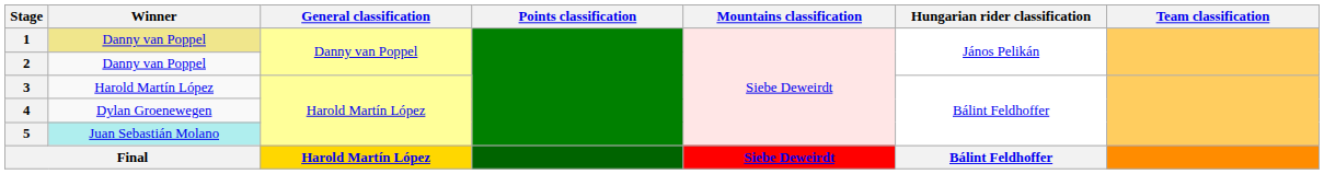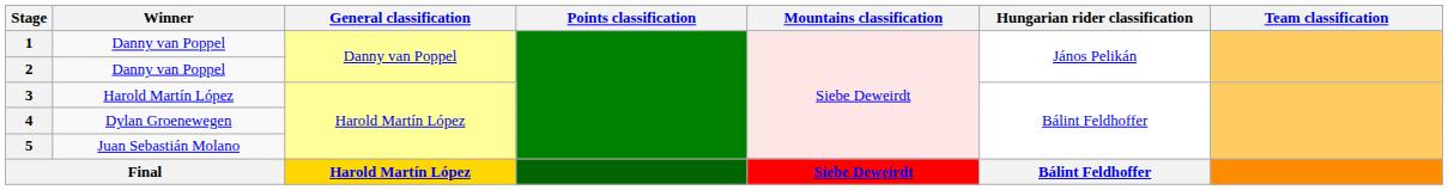 <table class="wikitable" style="text-align: center; font-size:smaller;">
 <tr style="background:#efefef;">
 <th style="width:2%;">Stage</th>
 <th style="width:14%;">Winner</th>
 <th style="width:14%;"><a href='#'>General classification</a><br></th>
 <th style="width:14%;"><a href='#'>Points classification</a><br></th>
 <th style="width:14%;"><a href='#'>Mountains classification</a><br></th>
 <th style="width:14%;">Hungarian rider classification<br></th>
 <th style="width:14%;"><a href='#'>Team classification</a></th>
 </tr>
 <tr>
 <th>1</th>
-<td style="background: khaki;"><a href='#'>Danny van Poppel</a></td>
+<td><a href='#'>Danny van Poppel</a></td>
 <td style="background:#FFFF99;" rowspan="2"><a href='#'>Danny van Poppel</a></td>
 <td style="background:#008000;" rowspan="5"></td>
 <td style="background:#FFE6E6;" rowspan="5"><a href='#'>Siebe Deweirdt</a></td>
 <td style="background:white;" rowspan="2"><a href='#'>János Pelikán</a></td>
 <td style="background:#FFCD5F;" rowspan="2"></td>
 </tr>
 <tr>
 <th>2</th>
 <td><a href='#'>Danny van Poppel</a></td>
 </tr>
 <tr>
 <th>3</th>
 <td><a href='#'>Harold Martín López</a></td>
 <td style="background:#FFFF99;" rowspan="3"><a href='#'>Harold Martín López</a></td>
 <td style="background:white;" rowspan="3"><a href='#'>Bálint Feldhoffer</a></td>
 <td style="background:#FFCD5F;" rowspan="3"></td>
 </tr>
 <tr>
 <th>4</th>
 <td><a href='#'>Dylan Groenewegen</a></td>
 </tr>
 <tr>
 <th>5</th>
-<td style="background: paleturquoise;"><a href='#'>Juan Sebastián Molano</a></td>
+<td><a href='#'>Juan Sebastián Molano</a></td>
 </tr>
 <tr>
 <th colspan="2">Final</th>
 <th style="background:gold;"><a href='#'>Harold Martín López</a></th>
 <th style="background:#006400;"></th>
 <th style="background:#f00;"><a href='#'>Siebe Deweirdt</a></th>
 <th style="background:offwhite;"><a href='#'>Bálint Feldhoffer</a></th>
 <th style="background:#FF8C00;"></th>
 </tr>
 </table>
